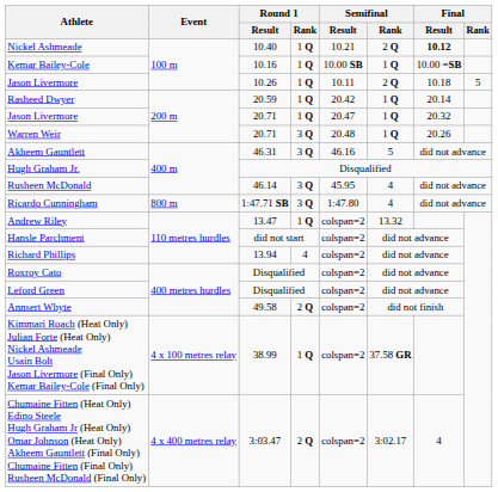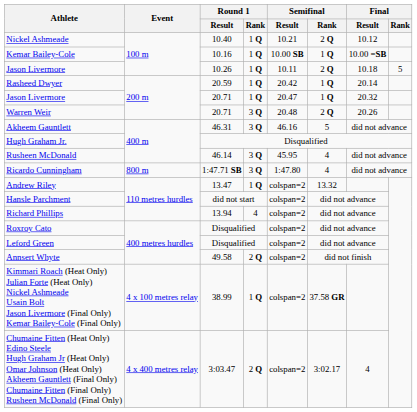 <table class=wikitable style="font-size:90%">
 <tr>
 <th rowspan="2">Athlete</th>
 <th rowspan="2">Event</th>
 <th colspan="2">Round 1</th>
 <th colspan="2">Semifinal</th>
 <th colspan="2">Final</th>
 </tr>
 <tr style="font-size:95%">
 <th>Result</th>
 <th>Rank</th>
 <th>Result</th>
 <th>Rank</th>
 <th>Result</th>
 <th>Rank</th>
 </tr>
 <tr align=center>
 <td align=left><a href='#'>Nickel Ashmeade</a></td>
 <td align=left rowspan="3"><a href='#'>100 m</a></td>
 <td>10.40</td>
 <td>1 <strong>Q</strong></td>
 <td>10.21</td>
 <td>2 <strong>Q</strong></td>
-<td><strong>10.12</strong></td>
+<td>10.12</td>
 <td></td>
 </tr>
 <tr align=center>
 <td align=left><a href='#'>Kemar Bailey-Cole</a></td>
 <td>10.16</td>
 <td>1 <strong>Q</strong></td>
 <td>10.00 <strong>SB</strong></td>
 <td>1 <strong>Q</strong></td>
 <td>10.00 <strong>=SB</strong></td>
 <td></td>
 </tr>
 <tr align=center>
 <td align=left><a href='#'>Jason Livermore</a></td>
 <td>10.26</td>
 <td>1 <strong>Q</strong></td>
 <td>10.11</td>
 <td>2 <strong>Q</strong></td>
 <td>10.18</td>
 <td>5</td>
 </tr>
 <tr align=center>
 <td align=left><a href='#'>Rasheed Dwyer</a></td>
 <td align=left rowspan="3"><a href='#'>200 m</a></td>
 <td>20.59</td>
 <td>1 <strong>Q</strong></td>
 <td>20.42</td>
 <td>1 <strong>Q</strong></td>
 <td>20.14</td>
 <td></td>
 </tr>
 <tr align=center>
 <td align=left><a href='#'>Jason Livermore</a></td>
 <td>20.71</td>
 <td>1 <strong>Q</strong></td>
 <td>20.47</td>
 <td>1 <strong>Q</strong></td>
 <td>20.32</td>
 <td></td>
 </tr>
 <tr align=center>
 <td align=left><a href='#'>Warren Weir</a></td>
 <td>20.71</td>
 <td>3 <strong>Q</strong></td>
 <td>20.48</td>
-<td>1 <strong>Q</strong></td>
+<td>2 <strong>Q</strong></td>
 <td>20.26</td>
 <td></td>
 </tr>
 <tr align=center>
 <td align=left><a href='#'>Akheem Gauntlett</a></td>
 <td align=left rowspan="3"><a href='#'>400 m</a></td>
 <td>46.31</td>
 <td>3 <strong>Q</strong></td>
 <td>46.16</td>
 <td>5</td>
 <td colspan=2>did not advance</td>
 </tr>
 <tr align=center>
 <td align=left><a href='#'>Hugh Graham Jr.</a></td>
 <td colspan=6>Disqualified</td>
 </tr>
 <tr align=center>
 <td align=left><a href='#'>Rusheen McDonald</a></td>
 <td>46.14</td>
 <td>3 <strong>Q</strong></td>
 <td>45.95</td>
 <td>4</td>
 <td colspan=2>did not advance</td>
 </tr>
 <tr align=center>
 <td align=left><a href='#'>Ricardo Cunningham</a></td>
 <td align=left><a href='#'>800 m</a></td>
 <td>1:47.71 <strong>SB</strong></td>
 <td>3 <strong>Q</strong></td>
 <td>1:47.80</td>
 <td>4</td>
 <td colspan=2>did not advance</td>
 </tr>
 <tr align=center>
 <td align=left><a href='#'>Andrew Riley</a></td>
 <td align=left rowspan="3"><a href='#'>110 metres hurdles</a></td>
 <td>13.47</td>
 <td>1 <strong>Q</strong></td>
 <td>colspan=2 </td>
 <td>13.32</td>
 <td></td>
 </tr>
 <tr align=center>
 <td align=left><a href='#'>Hansle Parchment</a></td>
 <td colspan=2>did not start</td>
 <td>colspan=2 </td>
 <td colspan=2>did not advance</td>
 </tr>
 <tr align=center>
 <td align=left><a href='#'>Richard Phillips</a></td>
 <td>13.94</td>
 <td>4</td>
 <td>colspan=2 </td>
 <td colspan=2>did not advance</td>
 </tr>
 <tr align=center>
 <td align=left><a href='#'>Roxroy Cato</a></td>
 <td align=left rowspan="3"><a href='#'>400 metres hurdles</a></td>
 <td colspan="2">Disqualified</td>
 <td>colspan=2 </td>
 <td colspan="2">did not advance</td>
 </tr>
 <tr align=center>
 <td align=left><a href='#'>Leford Green</a></td>
 <td colspan="2">Disqualified</td>
 <td>colspan=2 </td>
 <td colspan="2">did not advance</td>
 </tr>
 <tr align=center>
 <td align=left><a href='#'>Annsert Whyte</a></td>
 <td>49.58</td>
 <td>2 <strong>Q</strong></td>
 <td>colspan=2 </td>
 <td colspan="2">did not finish</td>
 </tr>
 <tr align=center>
 <td align=left><a href='#'>Kimmari Roach</a> (Heat Only)<br><a href='#'>Julian Forte</a> (Heat Only) <br><a href='#'>Nickel Ashmeade</a><br><a href='#'>Usain Bolt</a><br><a href='#'>Jason Livermore</a> (Final Only)<br><a href='#'>Kemar Bailey-Cole</a> (Final Only)</td>
 <td align=left><a href='#'>4 x 100 metres relay</a></td>
 <td>38.99</td>
 <td>1 <strong>Q</strong></td>
 <td>colspan=2 </td>
 <td>37.58 <strong>GR</strong></td>
 <td></td>
 </tr>
 <tr align=center>
 <td align=left><a href='#'>Chumaine Fitten</a> (Heat Only)<br><a href='#'>Edino Steele</a><br><a href='#'>Hugh Graham Jr</a> (Heat Only) <br><a href='#'>Omar Johnson</a> (Heat Only)<br><a href='#'>Akheem Gauntlett</a> (Final Only)<br><a href='#'>Chumaine Fitten</a> (Final Only)<br><a href='#'>Rusheen McDonald</a> (Final Only)</td>
 <td align=left><a href='#'>4 x 400 metres relay</a></td>
 <td>3:03.47</td>
 <td>2 <strong>Q</strong></td>
 <td>colspan=2 </td>
 <td>3:02.17</td>
 <td>4</td>
 </tr>
 </table>
